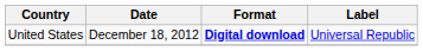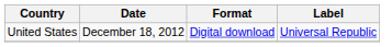 <table class="wikitable">
 <tr>
 <th>Country</th>
 <th>Date</th>
 <th>Format</th>
 <th>Label</th>
 </tr>
 <tr>
 <td>United States</td>
 <td>December 18, 2012</td>
-<td><strong><a href='#'>Digital download</a></strong></td>
+<td><a href='#'>Digital download</a></td>
 <td><a href='#'>Universal Republic</a></td>
 </tr>
 <tr>
 </tr>
 </table>
